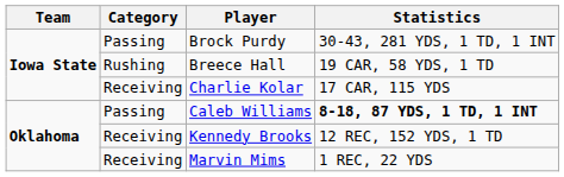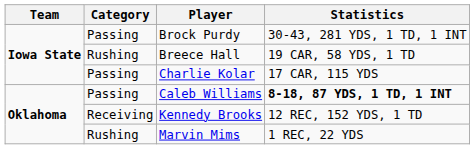 <table class="wikitable" style="float: right;">
 <tr>
 <th>Team</th>
 <th>Category</th>
 <th>Player</th>
 <th>Statistics</th>
 </tr>
 <tr>
 <td rowspan=3><strong>Iowa State</strong></td>
 <td>Passing</td>
 <td>Brock Purdy</td>
 <td>30-43, 281 YDS, 1 TD, 1 INT</td>
 </tr>
 <tr>
 <td>Rushing</td>
 <td>Breece Hall</td>
 <td>19 CAR, 58 YDS, 1 TD</td>
 </tr>
 <tr>
-<td>Receiving</td>
+<td>Passing</td>
 <td><a href='#'>Charlie Kolar</a></td>
 <td>17 CAR, 115 YDS</td>
 </tr>
 <tr>
 <td rowspan=3><strong>Oklahoma</strong></td>
 <td>Passing</td>
 <td><a href='#'>Caleb Williams</a></td>
 <td><strong>8-18, 87 YDS, 1 TD, 1 INT</strong></td>
 </tr>
 <tr>
 <td>Receiving</td>
 <td><a href='#'>Kennedy Brooks</a></td>
 <td>12 REC, 152 YDS, 1 TD</td>
 </tr>
 <tr>
-<td>Receiving</td>
+<td>Rushing</td>
 <td><a href='#'>Marvin Mims</a></td>
 <td>1 REC, 22 YDS</td>
 </tr>
 </table>
